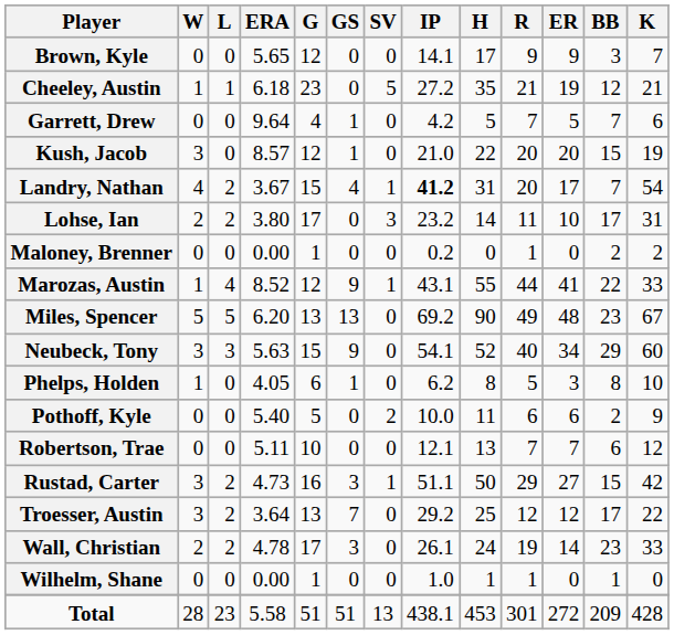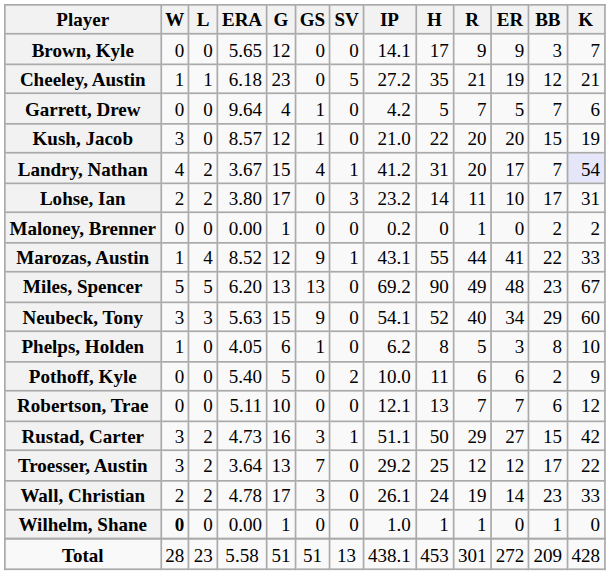 <table class="wikitable sortable" style="font-size:70%;">
 <tr>
 <th scope="col" style=>Player</th>
 <th scope="col" style=>W</th>
 <th scope="col" style=>L</th>
 <th scope="col" style=>ERA</th>
 <th scope="col" style=>G</th>
 <th scope="col" style=>GS</th>
 <th scope="col" style=>SV</th>
 <th scope="col" style=>IP</th>
 <th scope="col" style=>H</th>
 <th scope="col" style=>R</th>
 <th scope="col" style=>ER</th>
 <th scope="col" style=>BB</th>
 <th scope="col" style=>K</th>
 </tr>
 <tr>
 <th style=white-space:nowrap>Brown, Kyle</th>
 <td style="text-align:right;">0</td>
 <td style="text-align:right;">0</td>
 <td style="text-align:right;">5.65</td>
 <td style="text-align:right;">12</td>
 <td style="text-align:right;">0</td>
 <td style="text-align:right;">0</td>
 <td style="text-align:right;">14.1</td>
 <td style="text-align:right;">17</td>
 <td style="text-align:right;">9</td>
 <td style="text-align:right;">9</td>
 <td style="text-align:right;">3</td>
 <td style="text-align:right;">7</td>
 </tr>
 <tr>
 <th style=white-space:nowrap>Cheeley, Austin</th>
 <td style="text-align:right;">1</td>
 <td style="text-align:right;">1</td>
 <td style="text-align:right;">6.18</td>
 <td style="text-align:right;">23</td>
 <td style="text-align:right;">0</td>
 <td style="text-align:right;">5</td>
 <td style="text-align:right;">27.2</td>
 <td style="text-align:right;">35</td>
 <td style="text-align:right;">21</td>
 <td style="text-align:right;">19</td>
 <td style="text-align:right;">12</td>
 <td style="text-align:right;">21</td>
 </tr>
 <tr>
 <th style=white-space:nowrap>Garrett, Drew</th>
 <td style="text-align:right;">0</td>
 <td style="text-align:right;">0</td>
 <td style="text-align:right;">9.64</td>
 <td style="text-align:right;">4</td>
 <td style="text-align:right;">1</td>
 <td style="text-align:right;">0</td>
 <td style="text-align:right;">4.2</td>
 <td style="text-align:right;">5</td>
 <td style="text-align:right;">7</td>
 <td style="text-align:right;">5</td>
 <td style="text-align:right;">7</td>
 <td style="text-align:right;">6</td>
 </tr>
 <tr>
 <th style=white-space:nowrap>Kush, Jacob</th>
 <td style="text-align:right;">3</td>
 <td style="text-align:right;">0</td>
 <td style="text-align:right;">8.57</td>
 <td style="text-align:right;">12</td>
 <td style="text-align:right;">1</td>
 <td style="text-align:right;">0</td>
 <td style="text-align:right;">21.0</td>
 <td style="text-align:right;">22</td>
 <td style="text-align:right;">20</td>
 <td style="text-align:right;">20</td>
 <td style="text-align:right;">15</td>
 <td style="text-align:right;">19</td>
 </tr>
 <tr>
 <th style=white-space:nowrap>Landry, Nathan</th>
 <td style="text-align:right;">4</td>
 <td style="text-align:right;">2</td>
 <td style="text-align:right;">3.67</td>
 <td style="text-align:right;">15</td>
 <td style="text-align:right;">4</td>
 <td style="text-align:right;">1</td>
-<td style="text-align:right;"><strong>41.2</strong></td>
+<td style="text-align:right;">41.2</td>
 <td style="text-align:right;">31</td>
 <td style="text-align:right;">20</td>
 <td style="text-align:right;">17</td>
 <td style="text-align:right;">7</td>
-<td style="text-align:right;">54</td>
+<td style="background: lavender; text-align:right;">54</td>
 </tr>
 <tr>
 <th style=white-space:nowrap>Lohse, Ian</th>
 <td style="text-align:right;">2</td>
 <td style="text-align:right;">2</td>
 <td style="text-align:right;">3.80</td>
 <td style="text-align:right;">17</td>
 <td style="text-align:right;">0</td>
 <td style="text-align:right;">3</td>
 <td style="text-align:right;">23.2</td>
 <td style="text-align:right;">14</td>
 <td style="text-align:right;">11</td>
 <td style="text-align:right;">10</td>
 <td style="text-align:right;">17</td>
 <td style="text-align:right;">31</td>
 </tr>
 <tr>
 <th style=white-space:nowrap>Maloney, Brenner</th>
 <td style="text-align:right;">0</td>
 <td style="text-align:right;">0</td>
 <td style="text-align:right;">0.00</td>
 <td style="text-align:right;">1</td>
 <td style="text-align:right;">0</td>
 <td style="text-align:right;">0</td>
 <td style="text-align:right;">0.2</td>
 <td style="text-align:right;">0</td>
 <td style="text-align:right;">1</td>
 <td style="text-align:right;">0</td>
 <td style="text-align:right;">2</td>
 <td style="text-align:right;">2</td>
 </tr>
 <tr>
 <th style=white-space:nowrap>Marozas, Austin</th>
 <td style="text-align:right;">1</td>
 <td style="text-align:right;">4</td>
 <td style="text-align:right;">8.52</td>
 <td style="text-align:right;">12</td>
 <td style="text-align:right;">9</td>
 <td style="text-align:right;">1</td>
 <td style="text-align:right;">43.1</td>
 <td style="text-align:right;">55</td>
 <td style="text-align:right;">44</td>
 <td style="text-align:right;">41</td>
 <td style="text-align:right;">22</td>
 <td style="text-align:right;">33</td>
 </tr>
 <tr>
 <th style=white-space:nowrap>Miles, Spencer</th>
 <td style="text-align:right;">5</td>
 <td style="text-align:right;">5</td>
 <td style="text-align:right;">6.20</td>
 <td style="text-align:right;">13</td>
 <td style="text-align:right;">13</td>
 <td style="text-align:right;">0</td>
 <td style="text-align:right;">69.2</td>
 <td style="text-align:right;">90</td>
 <td style="text-align:right;">49</td>
 <td style="text-align:right;">48</td>
 <td style="text-align:right;">23</td>
 <td style="text-align:right;">67</td>
 </tr>
 <tr>
 <th style=white-space:nowrap>Neubeck, Tony</th>
 <td style="text-align:right;">3</td>
 <td style="text-align:right;">3</td>
 <td style="text-align:right;">5.63</td>
 <td style="text-align:right;">15</td>
 <td style="text-align:right;">9</td>
 <td style="text-align:right;">0</td>
 <td style="text-align:right;">54.1</td>
 <td style="text-align:right;">52</td>
 <td style="text-align:right;">40</td>
 <td style="text-align:right;">34</td>
 <td style="text-align:right;">29</td>
 <td style="text-align:right;">60</td>
 </tr>
 <tr>
 <th style=white-space:nowrap>Phelps, Holden</th>
 <td style="text-align:right;">1</td>
 <td style="text-align:right;">0</td>
 <td style="text-align:right;">4.05</td>
 <td style="text-align:right;">6</td>
 <td style="text-align:right;">1</td>
 <td style="text-align:right;">0</td>
 <td style="text-align:right;">6.2</td>
 <td style="text-align:right;">8</td>
 <td style="text-align:right;">5</td>
 <td style="text-align:right;">3</td>
 <td style="text-align:right;">8</td>
 <td style="text-align:right;">10</td>
 </tr>
 <tr>
 <th style=white-space:nowrap>Pothoff, Kyle</th>
 <td style="text-align:right;">0</td>
 <td style="text-align:right;">0</td>
 <td style="text-align:right;">5.40</td>
 <td style="text-align:right;">5</td>
 <td style="text-align:right;">0</td>
 <td style="text-align:right;">2</td>
 <td style="text-align:right;">10.0</td>
 <td style="text-align:right;">11</td>
 <td style="text-align:right;">6</td>
 <td style="text-align:right;">6</td>
 <td style="text-align:right;">2</td>
 <td style="text-align:right;">9</td>
 </tr>
 <tr>
 <th style=white-space:nowrap>Robertson, Trae</th>
 <td style="text-align:right;">0</td>
 <td style="text-align:right;">0</td>
 <td style="text-align:right;">5.11</td>
 <td style="text-align:right;">10</td>
 <td style="text-align:right;">0</td>
 <td style="text-align:right;">0</td>
 <td style="text-align:right;">12.1</td>
 <td style="text-align:right;">13</td>
 <td style="text-align:right;">7</td>
 <td style="text-align:right;">7</td>
 <td style="text-align:right;">6</td>
 <td style="text-align:right;">12</td>
 </tr>
 <tr>
 <th style=white-space:nowrap>Rustad, Carter</th>
 <td style="text-align:right;">3</td>
 <td style="text-align:right;">2</td>
 <td style="text-align:right;">4.73</td>
 <td style="text-align:right;">16</td>
 <td style="text-align:right;">3</td>
 <td style="text-align:right;">1</td>
 <td style="text-align:right;">51.1</td>
 <td style="text-align:right;">50</td>
 <td style="text-align:right;">29</td>
 <td style="text-align:right;">27</td>
 <td style="text-align:right;">15</td>
 <td style="text-align:right;">42</td>
 </tr>
 <tr>
 <th style=white-space:nowrap>Troesser, Austin</th>
 <td style="text-align:right;">3</td>
 <td style="text-align:right;">2</td>
 <td style="text-align:right;">3.64</td>
 <td style="text-align:right;">13</td>
 <td style="text-align:right;">7</td>
 <td style="text-align:right;">0</td>
 <td style="text-align:right;">29.2</td>
 <td style="text-align:right;">25</td>
 <td style="text-align:right;">12</td>
 <td style="text-align:right;">12</td>
 <td style="text-align:right;">17</td>
 <td style="text-align:right;">22</td>
 </tr>
 <tr>
 <th style=white-space:nowrap>Wall, Christian</th>
 <td style="text-align:right;">2</td>
 <td style="text-align:right;">2</td>
 <td style="text-align:right;">4.78</td>
 <td style="text-align:right;">17</td>
 <td style="text-align:right;">3</td>
 <td style="text-align:right;">0</td>
 <td style="text-align:right;">26.1</td>
 <td style="text-align:right;">24</td>
 <td style="text-align:right;">19</td>
 <td style="text-align:right;">14</td>
 <td style="text-align:right;">23</td>
 <td style="text-align:right;">33</td>
 </tr>
 <tr>
 <th style=white-space:nowrap>Wilhelm, Shane</th>
-<td style="text-align:right;">0</td>
+<td style="text-align:right;"><strong>0</strong></td>
 <td style="text-align:right;">0</td>
 <td style="text-align:right;">0.00</td>
 <td style="text-align:right;">1</td>
 <td style="text-align:right;">0</td>
 <td style="text-align:right;">0</td>
 <td style="text-align:right;">1.0</td>
 <td style="text-align:right;">1</td>
 <td style="text-align:right;">1</td>
 <td style="text-align:right;">0</td>
 <td style="text-align:right;">1</td>
 <td style="text-align:right;">0</td>
 </tr>
 <tr>
 </tr>
 <tr class="sortbottom" style=>
 <td align="center" style=><strong>Total</strong></td>
 <td align="center" style=>28</td>
 <td align="center" style=>23</td>
 <td align="center" style=>5.58</td>
 <td align="center" style=>51</td>
 <td align="center" style=>51</td>
 <td align="center" style=>13</td>
 <td align="center" style=>438.1</td>
 <td align="center" style=>453</td>
 <td align="center" style=>301</td>
 <td align="center" style=>272</td>
 <td align="center" style=>209</td>
 <td align="center" style=>428</td>
 </tr>
 </table>
